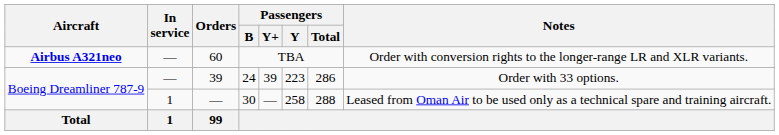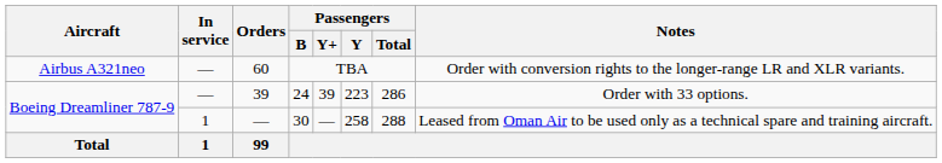 <table class="wikitable sortable" style="margin:0.5em auto; text-align:center">
 <tr>
 <th rowspan="2">Aircraft</th>
 <th rowspan="2">In <br> service</th>
 <th rowspan="2">Orders</th>
 <th colspan="4">Passengers</th>
 <th rowspan="2">Notes</th>
 </tr>
 <tr>
 <th><abbr>B</abbr></th>
 <th><strong><abbr>Y+</abbr></strong></th>
 <th><strong><abbr>Y</abbr></strong></th>
 <th>Total</th>
 </tr>
 <tr>
-<td><strong><a href='#'>Airbus A321neo</a></strong></td>
+<td><a href='#'>Airbus A321neo</a></td>
 <td>—</td>
 <td>60</td>
 <td colspan="4"><abbr>TBA</abbr></td>
 <td>Order with conversion rights to the longer-range LR and XLR variants.</td>
 </tr>
 <tr>
 <td rowspan="2"><a href='#'>Boeing Dreamliner 787-9</a></td>
 <td>—</td>
 <td>39</td>
 <td>24</td>
 <td>39</td>
 <td>223</td>
 <td>286</td>
 <td>Order with 33 options.</td>
 </tr>
 <tr>
 <td>1</td>
 <td>—</td>
 <td>30</td>
 <td>—</td>
 <td>258</td>
 <td>288</td>
 <td>Leased from <a href='#'>Oman Air</a> to be used only as a technical spare and training aircraft.</td>
 </tr>
 <tr>
 <th>Total</th>
 <th>1</th>
 <th>99</th>
 <th colspan="5"></th>
 </tr>
 </table>
